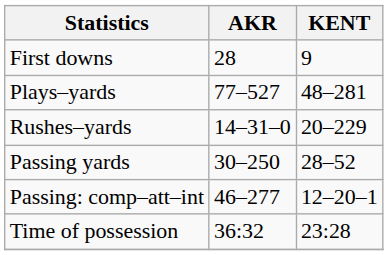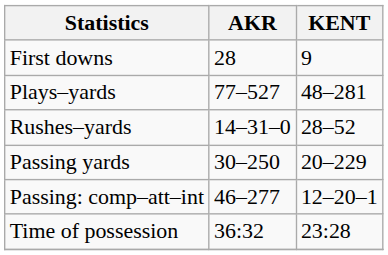 <table class="wikitable" style="float: left;">
 <tr>
 <th>Statistics</th>
 <th>AKR</th>
 <th>KENT</th>
 </tr>
 <tr>
 <td>First downs</td>
 <td>28</td>
 <td>9</td>
 </tr>
 <tr>
 <td>Plays–yards</td>
 <td>77–527</td>
 <td>48–281</td>
 </tr>
 <tr>
 <td>Rushes–yards</td>
 <td>14–31–0</td>
-<td>20–229</td>
+<td>28–52</td>
 </tr>
 <tr>
 <td>Passing yards</td>
 <td>30–250</td>
-<td>28–52</td>
+<td>20–229</td>
 </tr>
 <tr>
 <td>Passing: comp–att–int</td>
 <td>46–277</td>
 <td>12–20–1</td>
 </tr>
 <tr>
 <td>Time of possession</td>
 <td>36:32</td>
 <td>23:28</td>
 </tr>
 <tr>
 </tr>
 </table>
